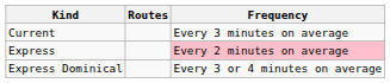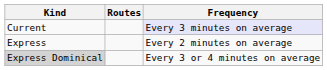 <table class="wikitable" style="margin-left: auto; margin-right: auto; border: none;">
 <tr>
 <th>Kind</th>
 <th>Routes</th>
 <th>Frequency</th>
 </tr>
 <tr>
 <td>Current</td>
 <td>   </td>
-<td>Every 3 minutes on average</td>
+<td style="background: lavender;">Every 3 minutes on average</td>
 </tr>
 <tr>
 <td>Express</td>
 <td>    </td>
-<td style="background: pink;">Every 2 minutes on average</td>
+<td>Every 2 minutes on average</td>
 </tr>
 <tr>
-<td>Express Dominical</td>
+<td style="background: lightgrey;">Express Dominical</td>
 <td> </td>
 <td>Every 3 or 4 minutes on average</td>
 </tr>
 </table>
